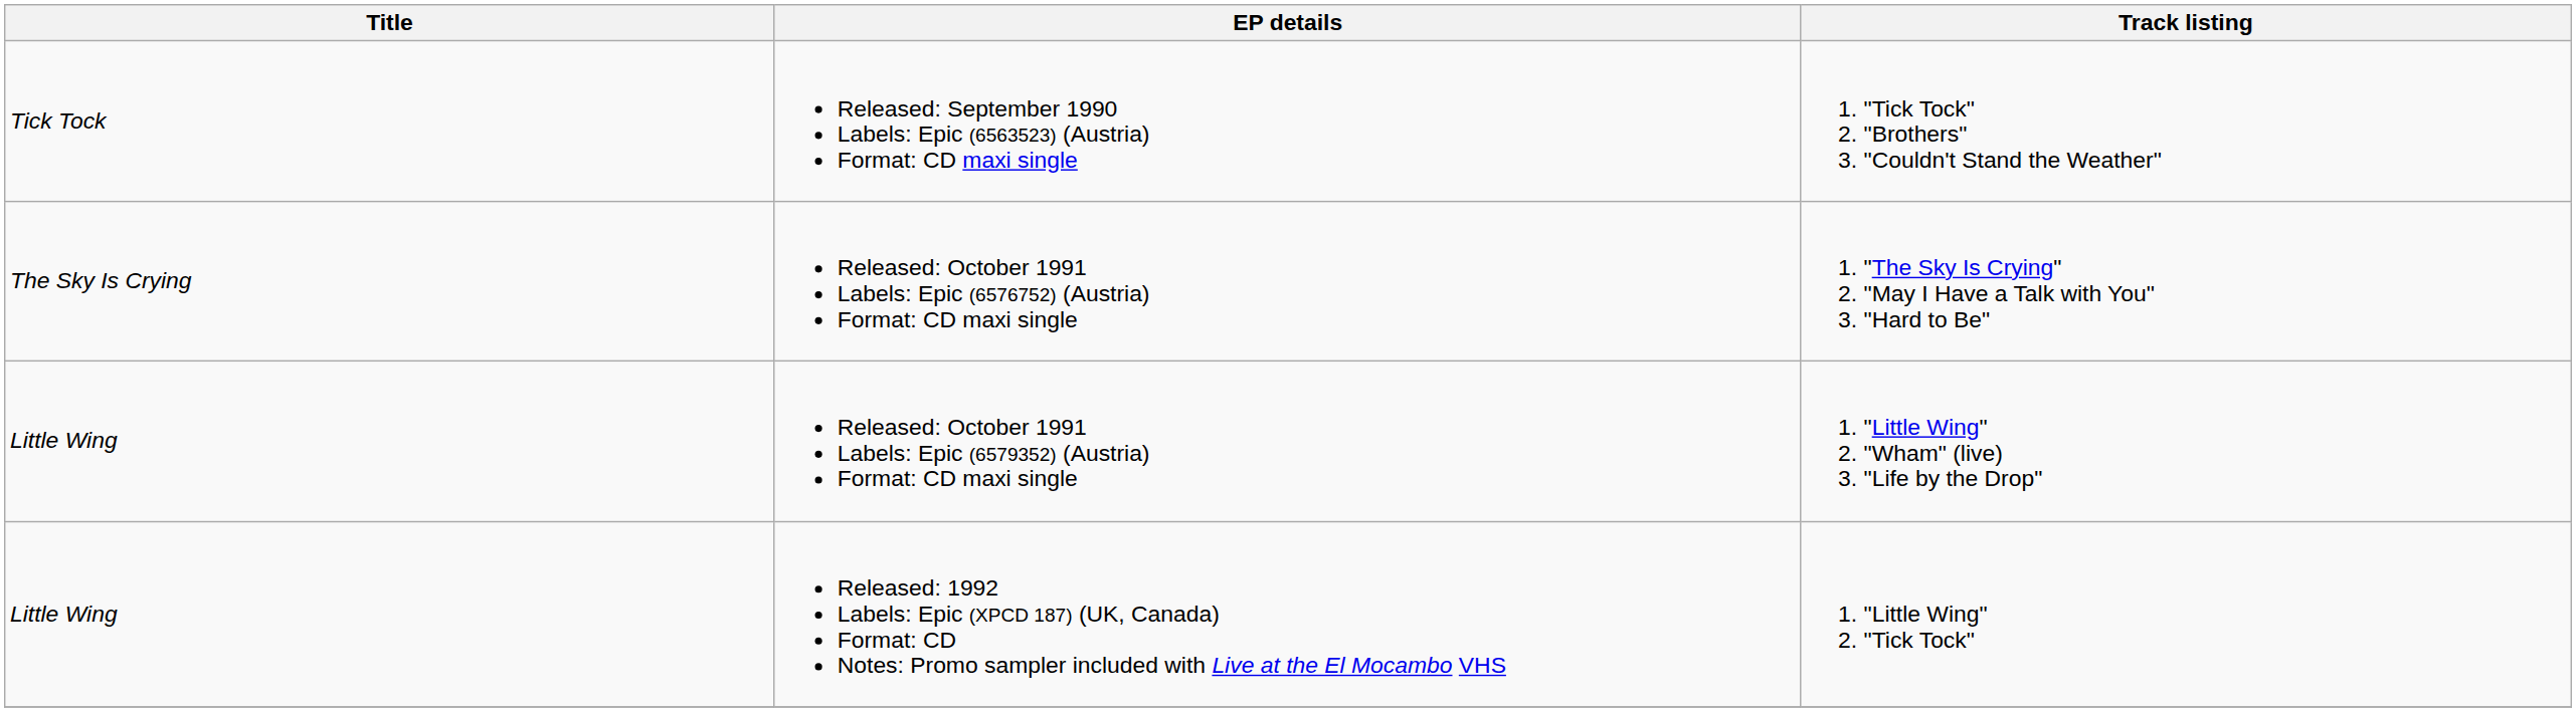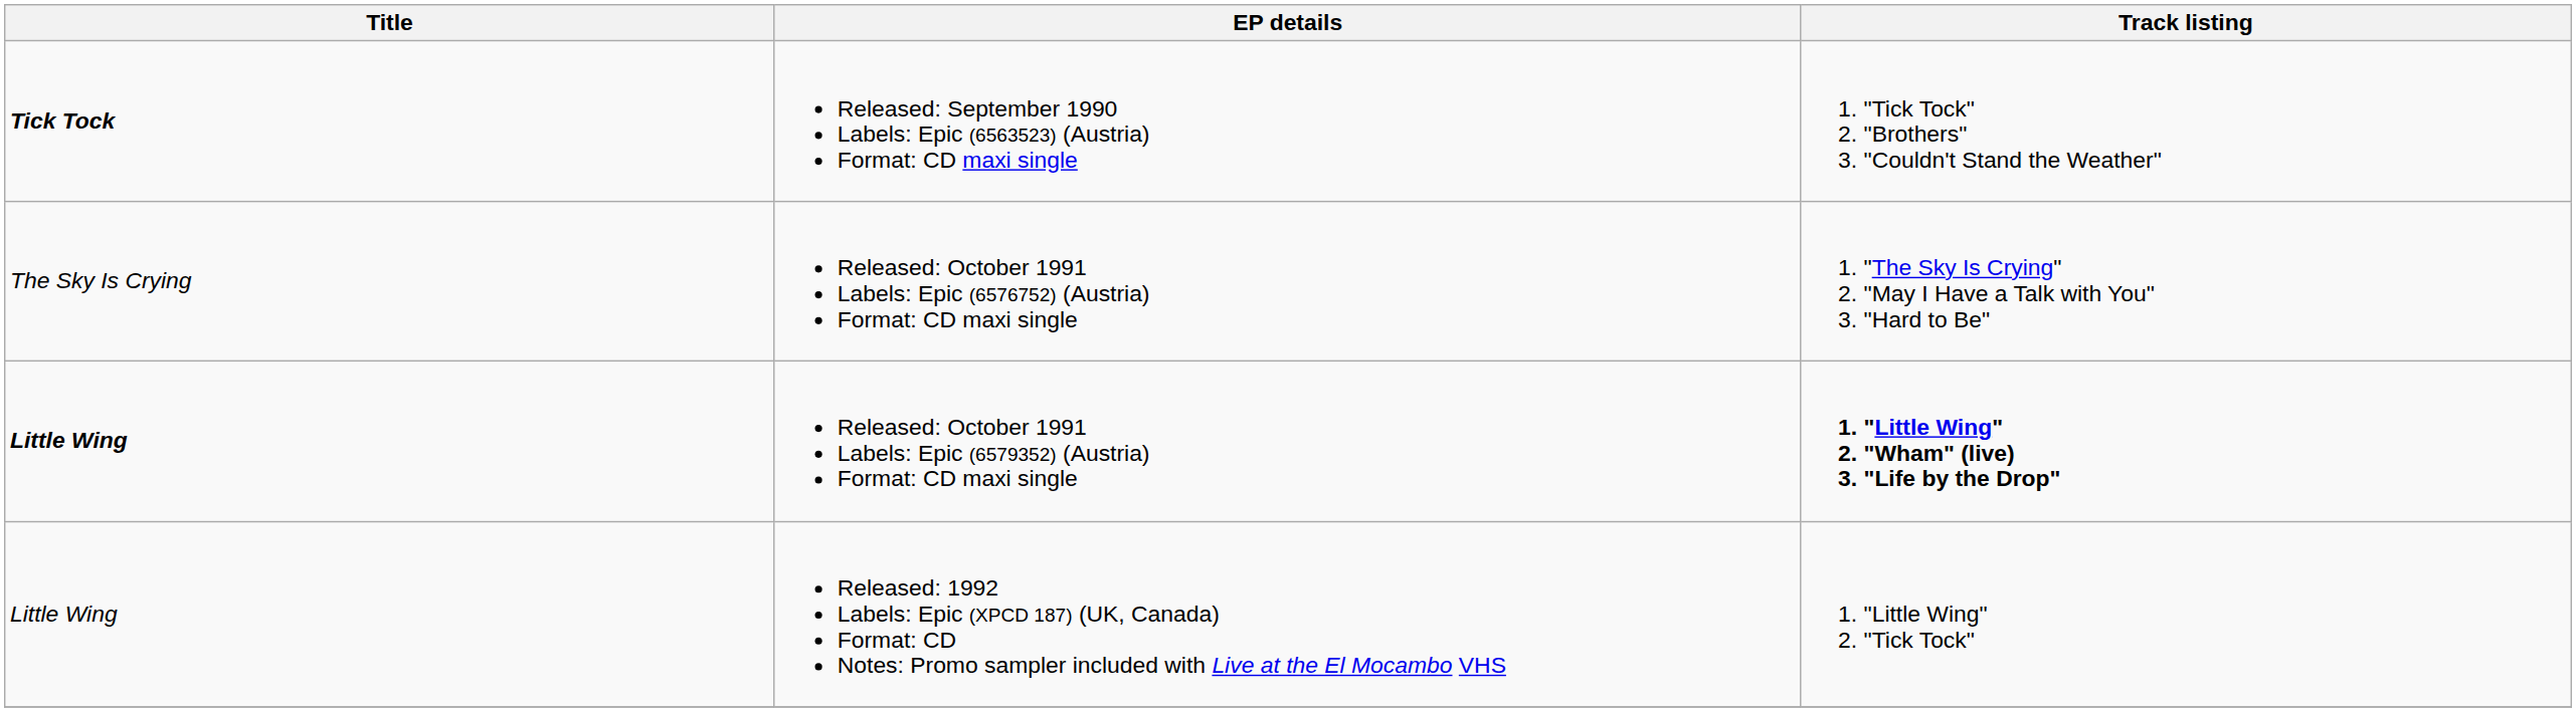 <table class="wikitable" style="width: 90%;">
 <tr>
 <th style="width:30%">Title</th>
 <th style="width:40%">EP details</th>
 <th style="width:30%">Track listing</th>
 </tr>
 <tr>
-<td><em>Tick Tock</em></td>
+<td><strong><em>Tick Tock</em></strong></td>
 <td><br><ul><li>Released: September 1990</li><li>Labels: Epic <small>(6563523)</small> (Austria)</li><li>Format: CD <a href='#'>maxi single</a></li></ul></td>
 <td><br><ol><li>"Tick Tock"</li><li>"Brothers"</li><li>"Couldn't Stand the Weather"</li></ol></td>
 </tr>
 <tr>
 <td><em>The Sky Is Crying</em></td>
 <td><br><ul><li>Released: October 1991</li><li>Labels: Epic <small>(6576752)</small> (Austria)</li><li>Format: CD maxi single</li></ul></td>
 <td><br><ol><li>"<a href='#'>The Sky Is Crying</a>"</li><li>"May I Have a Talk with You"</li><li>"Hard to Be"</li></ol></td>
 </tr>
 <tr>
-<td><em>Little Wing</em></td>
+<td><strong><em>Little Wing</em></strong></td>
 <td><br><ul><li>Released: October 1991</li><li>Labels: Epic <small>(6579352)</small> (Austria)</li><li>Format: CD maxi single</li></ul></td>
-<td><br><ol><li>"<a href='#'>Little Wing</a>"</li><li>"Wham" (live)</li><li>"Life by the Drop"</li></ol></td>
+<td><strong><br><ol><li>"<a href='#'>Little Wing</a>"</li><li>"Wham" (live)</li><li>"Life by the Drop"</li></ol></strong></td>
 </tr>
 <tr>
 <td><em>Little Wing</em></td>
 <td><br><ul><li>Released: 1992</li><li>Labels: Epic <small>(XPCD 187)</small> (UK, Canada)</li><li>Format: CD</li><li>Notes: Promo sampler included with <em><a href='#'>Live at the El Mocambo</a></em> <a href='#'>VHS</a></li></ul></td>
 <td><br><ol><li>"Little Wing"</li><li>"Tick Tock"</li></ol></td>
 </tr>
 <tr>
 </tr>
 </table>
